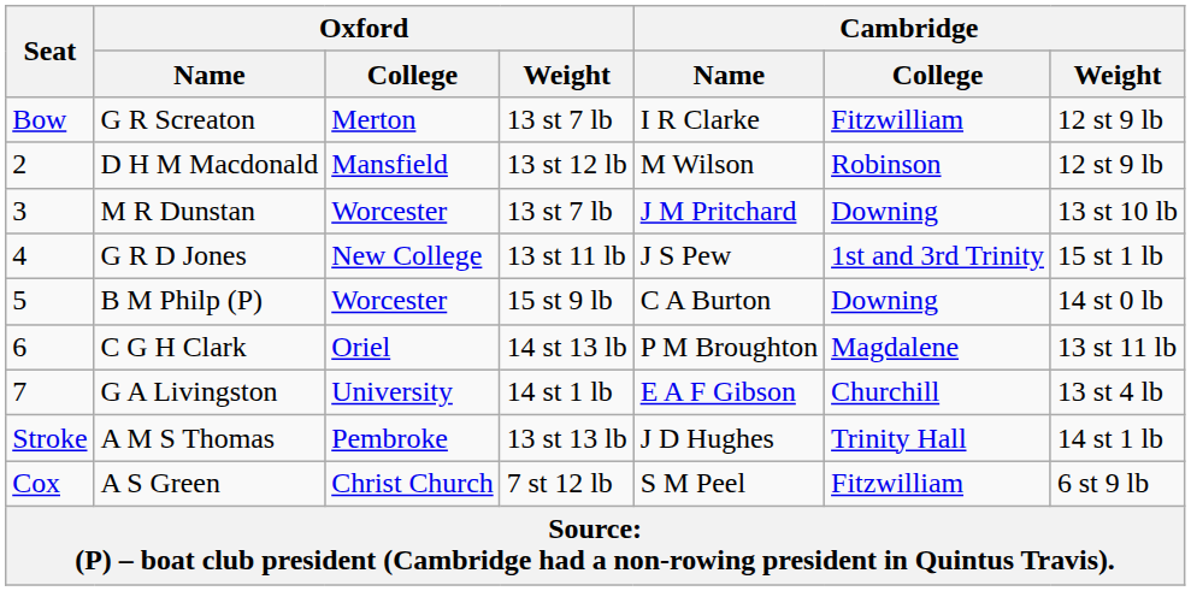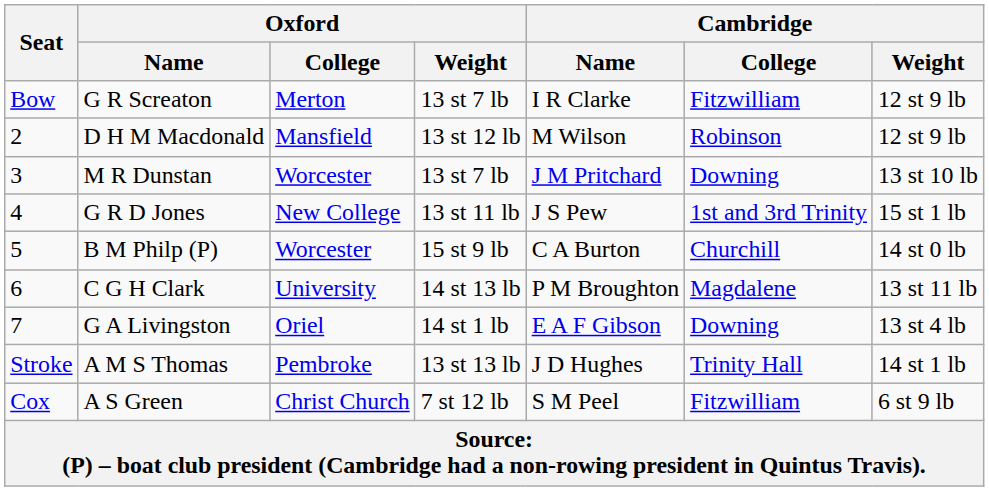 <table class="wikitable">
 <tr>
 <th rowspan="2" scope="col">Seat</th>
 <th colspan="3" scope="col">Oxford <br> </th>
 <th colspan="3" scope="col">Cambridge <br> </th>
 </tr>
 <tr>
 <th>Name</th>
 <th>College</th>
 <th>Weight</th>
 <th>Name</th>
 <th>College</th>
 <th>Weight</th>
 </tr>
 <tr>
 <td><a href='#'>Bow</a></td>
 <td>G R Screaton</td>
 <td><a href='#'>Merton</a></td>
 <td>13 st 7 lb</td>
 <td>I R Clarke</td>
 <td><a href='#'>Fitzwilliam</a></td>
 <td>12 st 9 lb</td>
 </tr>
 <tr>
 <td>2</td>
 <td>D H M Macdonald</td>
 <td><a href='#'>Mansfield</a></td>
 <td>13 st 12 lb</td>
 <td>M Wilson</td>
 <td><a href='#'>Robinson</a></td>
 <td>12 st 9 lb</td>
 </tr>
 <tr>
 <td>3</td>
 <td>M R Dunstan</td>
 <td><a href='#'>Worcester</a></td>
 <td>13 st 7 lb</td>
 <td><a href='#'>J M Pritchard</a></td>
 <td><a href='#'>Downing</a></td>
 <td>13 st 10 lb</td>
 </tr>
 <tr>
 <td>4</td>
 <td>G R D Jones</td>
 <td><a href='#'>New College</a></td>
 <td>13 st 11 lb</td>
 <td>J S Pew</td>
 <td><a href='#'>1st and 3rd Trinity</a></td>
 <td>15 st 1 lb</td>
 </tr>
 <tr>
 <td>5</td>
 <td>B M Philp (P)</td>
 <td><a href='#'>Worcester</a></td>
 <td>15 st 9 lb</td>
 <td>C A Burton</td>
-<td><a href='#'>Downing</a></td>
+<td><a href='#'>Churchill</a></td>
 <td>14 st 0 lb</td>
 </tr>
 <tr>
 <td>6</td>
 <td>C G H Clark</td>
-<td><a href='#'>Oriel</a></td>
+<td><a href='#'>University</a></td>
 <td>14 st 13 lb</td>
 <td>P M Broughton</td>
 <td><a href='#'>Magdalene</a></td>
 <td>13 st 11 lb</td>
 </tr>
 <tr>
 <td>7</td>
 <td>G A Livingston</td>
-<td><a href='#'>University</a></td>
+<td><a href='#'>Oriel</a></td>
 <td>14 st 1 lb</td>
 <td><a href='#'>E A F Gibson</a></td>
-<td><a href='#'>Churchill</a></td>
+<td><a href='#'>Downing</a></td>
 <td>13 st 4 lb</td>
 </tr>
 <tr>
 <td><a href='#'>Stroke</a></td>
 <td>A M S Thomas</td>
 <td><a href='#'>Pembroke</a></td>
 <td>13 st 13 lb</td>
 <td>J D Hughes</td>
 <td><a href='#'>Trinity Hall</a></td>
 <td>14 st 1 lb</td>
 </tr>
 <tr>
 <td><a href='#'>Cox</a></td>
 <td>A S Green</td>
 <td><a href='#'>Christ Church</a></td>
 <td>7 st 12 lb</td>
 <td>S M Peel</td>
 <td><a href='#'>Fitzwilliam</a></td>
 <td>6 st 9 lb</td>
 </tr>
 <tr>
 <th colspan="7">Source:<br>(P) – boat club president (Cambridge had a non-rowing president in Quintus Travis).</th>
 </tr>
 </table>
